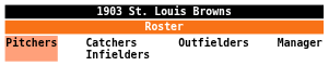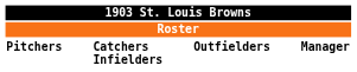 <table class="toccolours" style="font-size: 95%;">
 <tr>
 <th colspan="10" style="background-color: black; color: #FFFFFF; text-align: center;">1903 St. Louis Browns</th>
 </tr>
 <tr>
 <td colspan="10" style="background-color: #F87217; color: white; text-align: center;"><strong>Roster</strong></td>
 </tr>
 <tr>
-<td valign="top" style="background: lightsalmon;"><strong>Pitchers</strong><br>         </td>
+<td valign="top"><strong>Pitchers</strong><br>         </td>
 <td width="25px"></td>
 <td valign="top"><strong>Catchers</strong><br>   <strong>Infielders</strong>        </td>
 <td width="25px"></td>
 <td valign="top"><strong>Outfielders</strong><br>    </td>
 <td width="25px"></td>
 <td valign="top"><strong>Manager</strong><br></td>
 </tr>
 </table>
